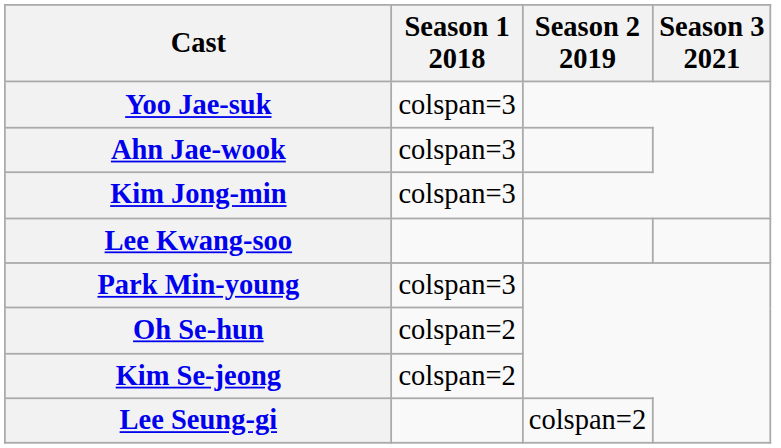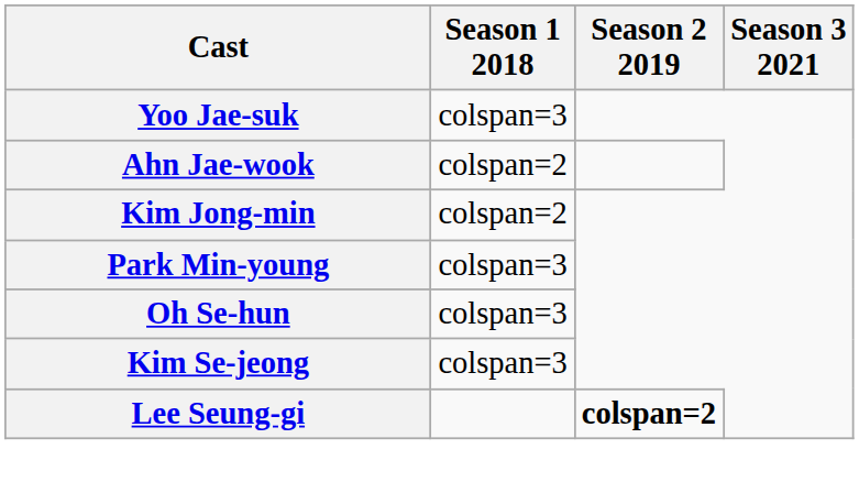 <table class="wikitable" style="text-align:center;">
 <tr>
 <th style="width:210px;">Cast</th>
 <th>Season 1<br>2018</th>
 <th>Season 2<br>2019</th>
 <th>Season 3<br>2021</th>
 </tr>
 <tr>
 <th><a href='#'>Yoo Jae-suk</a></th>
 <td>colspan=3 </td>
 </tr>
 <tr>
 <th><a href='#'>Ahn Jae-wook</a></th>
-<td>colspan=3 </td>
+<td>colspan=2 </td>
 <td></td>
 </tr>
 <tr>
 <th><a href='#'>Kim Jong-min</a></th>
-<td>colspan=3 </td>
-</tr>
-<tr>
-<th><a href='#'>Lee Kwang-soo</a></th>
-<td></td>
-<td></td>
-<td></td>
+<td>colspan=2 </td>
 </tr>
 <tr>
 <th><a href='#'>Park Min-young</a></th>
 <td>colspan=3 </td>
 </tr>
 <tr>
 <th><a href='#'>Oh Se-hun</a></th>
-<td>colspan=2 </td>
+<td>colspan=3 </td>
 </tr>
 <tr>
 <th><a href='#'>Kim Se-jeong</a></th>
-<td>colspan=2 </td>
+<td>colspan=3 </td>
 </tr>
 <tr>
 <th><a href='#'>Lee Seung-gi</a></th>
 <td></td>
-<td>colspan=2 </td>
+<td><strong>colspan=2 </strong></td>
 </tr>
 </table>
